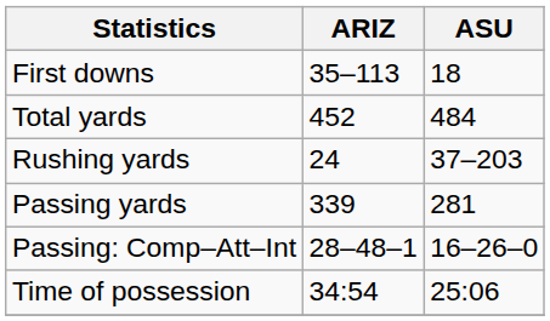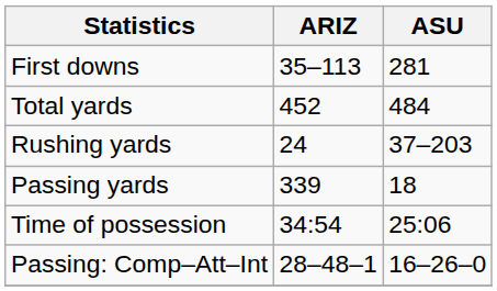 <table class="wikitable" style="float: left;">
 <tr>
 <th>Statistics</th>
 <th>ARIZ</th>
 <th>ASU</th>
 </tr>
 <tr>
 <td>First downs</td>
 <td>35–113</td>
-<td>18</td>
+<td>281</td>
 </tr>
 <tr>
 <td>Total yards</td>
 <td>452</td>
 <td>484</td>
 </tr>
 <tr>
 <td>Rushing yards</td>
 <td>24</td>
 <td>37–203</td>
 </tr>
 <tr>
 <td>Passing yards</td>
 <td>339</td>
-<td>281</td>
+<td>18</td>
+</tr>
+<tr>
+<td>Time of possession</td>
+<td>34:54</td>
+<td>25:06</td>
 </tr>
 <tr>
 <td>Passing: Comp–Att–Int</td>
 <td>28–48–1</td>
 <td>16–26–0</td>
 </tr>
 <tr>
-<td>Time of possession</td>
-<td>34:54</td>
-<td>25:06</td>
-</tr>
-<tr>
 </tr>
 </table>
